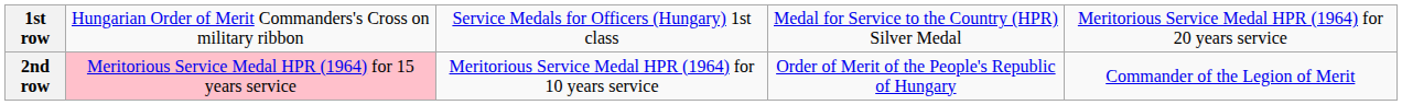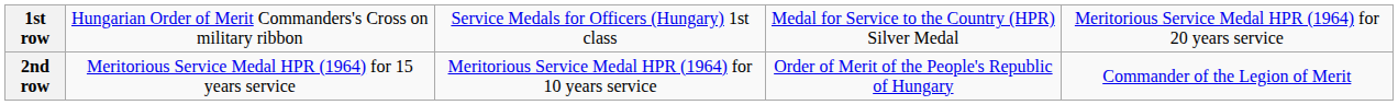 <table class="wikitable" style="margin:1em auto; text-align:center;">
 <tr>
 <th>1st row</th>
 <td><a href='#'>Hungarian Order of Merit</a> Commanders's Cross on military ribbon</td>
 <td><a href='#'>Service Medals for Officers (Hungary)</a> 1st class</td>
 <td><a href='#'>Medal for Service to the Country (HPR)</a> Silver Medal</td>
 <td><a href='#'>Meritorious Service Medal HPR (1964)</a> for 20 years service</td>
 </tr>
 <tr>
 <th>2nd row</th>
-<td style="background: pink;"><a href='#'>Meritorious Service Medal HPR (1964)</a> for 15 years service</td>
+<td><a href='#'>Meritorious Service Medal HPR (1964)</a> for 15 years service</td>
 <td><a href='#'>Meritorious Service Medal HPR (1964)</a> for 10 years service</td>
 <td><a href='#'>Order of Merit of the People's Republic of Hungary</a></td>
 <td><a href='#'>Commander of the Legion of Merit</a></td>
 </tr>
 <tr>
 </tr>
 </table>
